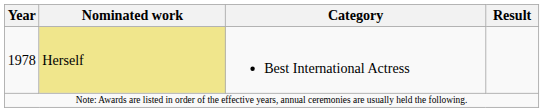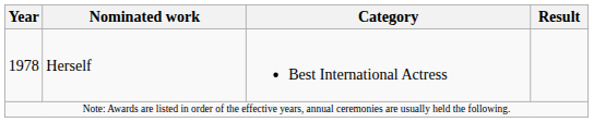 <table class=wikitable>
 <tr>
 <th width=4%>Year</th>
 <th width=36%>Nominated work</th>
 <th width=50%>Category</th>
 <th width=10%>Result</th>
 </tr>
 <tr>
 <td>1978</td>
-<td style="background: khaki;">Herself</td>
+<td>Herself</td>
 <td><br><ul><li>Best International Actress</li></ul></td>
 <td></td>
 </tr>
 <tr>
 <td colspan=4 width=100% style=font-size:8pt align=center>Note: Awards are listed in order of the effective years, annual ceremonies are usually held the following.</td>
 </tr>
 </table>
